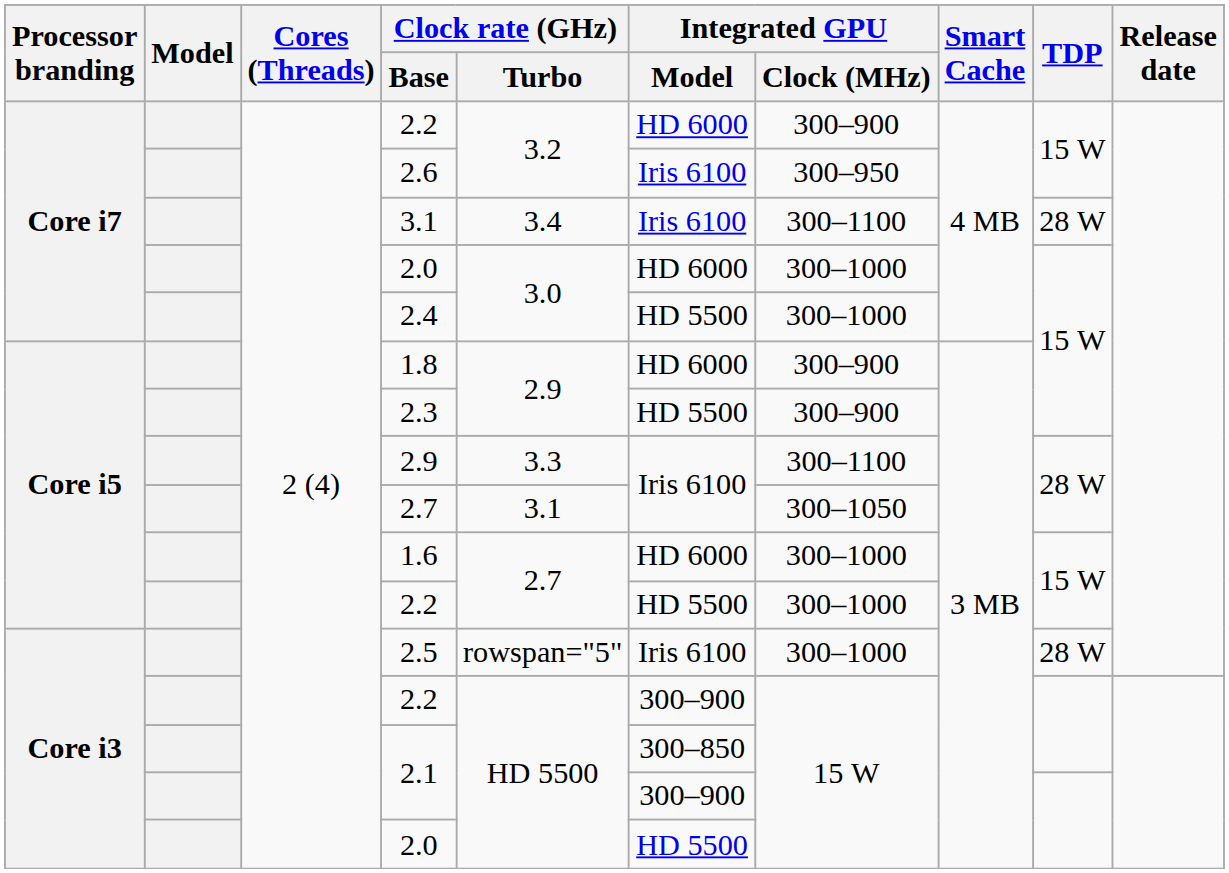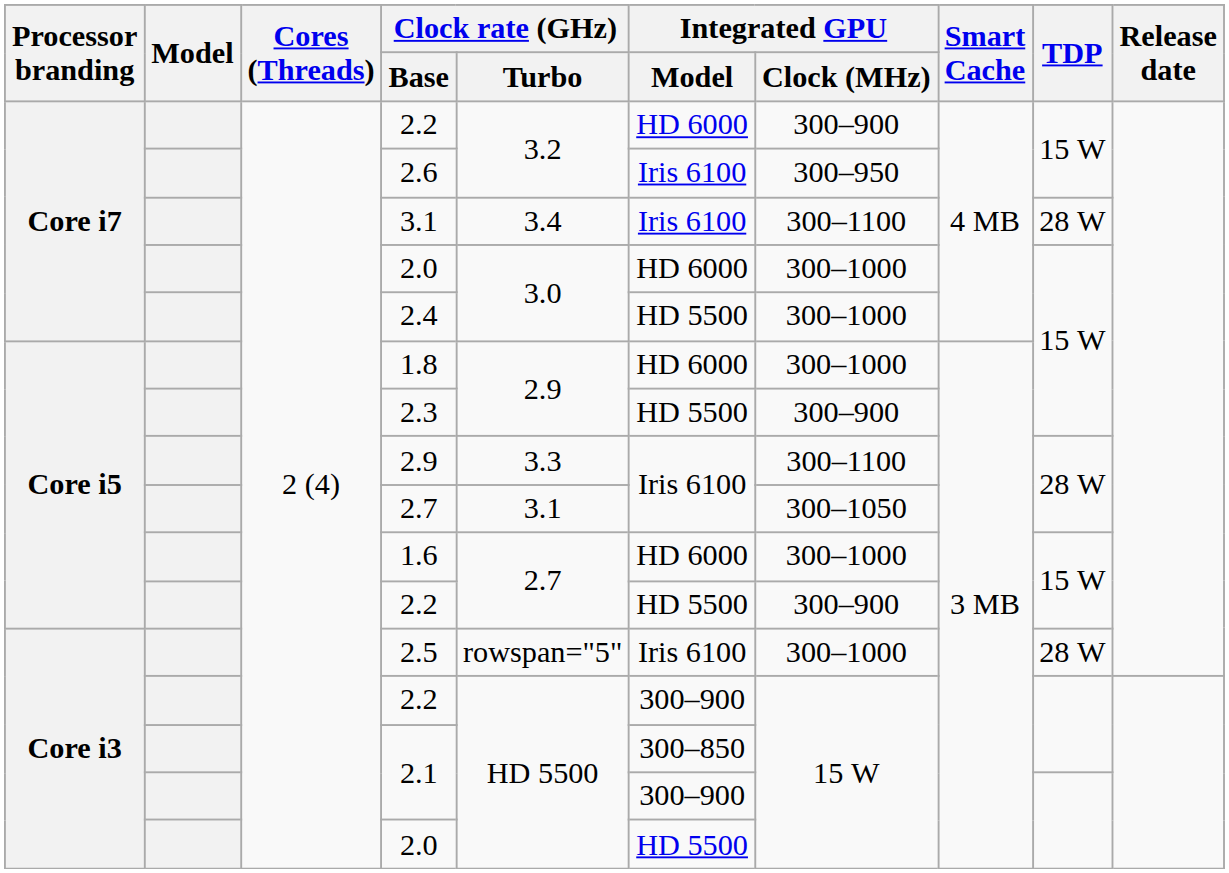 <table class="wikitable sortable nowrap" style="text-align: center;">
 <tr>
 <th class="unsortable" rowspan="2">Processor<br>branding</th>
 <th rowspan="2">Model</th>
 <th class="unsortable" rowspan="2"><a href='#'>Cores</a><br>(<a href='#'>Threads</a>)</th>
 <th colspan="2"><a href='#'>Clock rate</a> (GHz)</th>
 <th colspan="2">Integrated <a href='#'>GPU</a></th>
 <th class="unsortable" rowspan="2"><a href='#'>Smart<br>Cache</a></th>
 <th rowspan="2"><a href='#'>TDP</a></th>
 <th rowspan="2">Release<br>date</th>
 </tr>
 <tr>
 <th class="unsortable">Base</th>
 <th class="unsortable">Turbo</th>
 <th class="unsortable">Model</th>
 <th class="unsortable">Clock (MHz)</th>
 </tr>
 <tr>
 <th rowspan="5">Core i7</th>
 <th style="text-align:left;" data-sort-value="sku16"></th>
 <td rowspan="16">2 (4)</td>
 <td>2.2</td>
 <td rowspan="2">3.2</td>
 <td><a href='#'>HD 6000</a></td>
 <td>300–900</td>
 <td rowspan="5">4 MB</td>
 <td rowspan="2">15 W</td>
 <td rowspan="12"></td>
 </tr>
 <tr>
 <th style="text-align:left;" data-sort-value="sku15"></th>
 <td>2.6</td>
 <td><a href='#'>Iris 6100</a></td>
 <td>300–950</td>
 </tr>
 <tr>
 <th style="text-align:left;" data-sort-value="sku14"></th>
 <td>3.1</td>
 <td>3.4</td>
 <td><a href='#'>Iris 6100</a></td>
 <td>300–1100</td>
 <td>28 W</td>
 </tr>
 <tr>
 <th style="text-align:left;" data-sort-value="sku13"></th>
 <td>2.0</td>
 <td rowspan="2">3.0</td>
 <td>HD 6000</td>
 <td>300–1000</td>
 <td rowspan="4">15 W</td>
 </tr>
 <tr>
 <th style="text-align:left;" data-sort-value="sku12"></th>
 <td>2.4</td>
 <td>HD 5500</td>
 <td>300–1000</td>
 </tr>
 <tr>
 <th rowspan="6">Core i5</th>
 <th style="text-align:left;" data-sort-value="sku11"></th>
 <td>1.8</td>
 <td rowspan="2">2.9</td>
 <td>HD 6000</td>
-<td>300–900</td>
+<td>300–1000</td>
 <td rowspan="11">3 MB</td>
 </tr>
 <tr>
 <th style="text-align:left;" data-sort-value="sku10"></th>
 <td>2.3</td>
 <td>HD 5500</td>
 <td>300–900</td>
 </tr>
 <tr>
 <th style="text-align:left;" data-sort-value="sku9"></th>
 <td>2.9</td>
 <td>3.3</td>
 <td rowspan="2">Iris 6100</td>
 <td>300–1100</td>
 <td rowspan="2">28 W</td>
 </tr>
 <tr>
 <th style="text-align:left;" data-sort-value="sku8"></th>
 <td>2.7</td>
 <td>3.1</td>
 <td>300–1050</td>
 </tr>
 <tr>
 <th style="text-align:left;" data-sort-value="sku7"></th>
 <td>1.6</td>
 <td rowspan="2">2.7</td>
 <td>HD 6000</td>
 <td>300–1000</td>
 <td rowspan="2">15 W</td>
 </tr>
 <tr>
 <th style="text-align:left;" data-sort-value="sku6"></th>
 <td>2.2</td>
 <td>HD 5500</td>
-<td>300–1000</td>
+<td>300–900</td>
 </tr>
 <tr>
 <th rowspan="5">Core i3</th>
 <th style="text-align:left;" data-sort-value="sku5"></th>
 <td>2.5</td>
 <td>rowspan="5" </td>
 <td>Iris 6100</td>
 <td>300–1000</td>
 <td>28 W</td>
 </tr>
 <tr>
 <th style="text-align:left;" data-sort-value="sku4"></th>
 <td>2.2</td>
 <td rowspan="4">HD 5500</td>
 <td>300–900</td>
 <td rowspan="4">15 W</td>
 <td rowspan="2"></td>
 </tr>
 <tr>
 <th style="text-align:left;" data-sort-value="sku3"></th>
 <td rowspan="2">2.1</td>
 <td>300–850</td>
 </tr>
 <tr>
 <th style="text-align:left;" data-sort-value="sku2"></th>
 <td>300–900</td>
 <td rowspan="2"></td>
 </tr>
 <tr>
 <th style="text-align:left;" data-sort-value="sku1"></th>
 <td>2.0</td>
 <td><a href='#'>HD 5500</a></td>
 </tr>
 </table>
